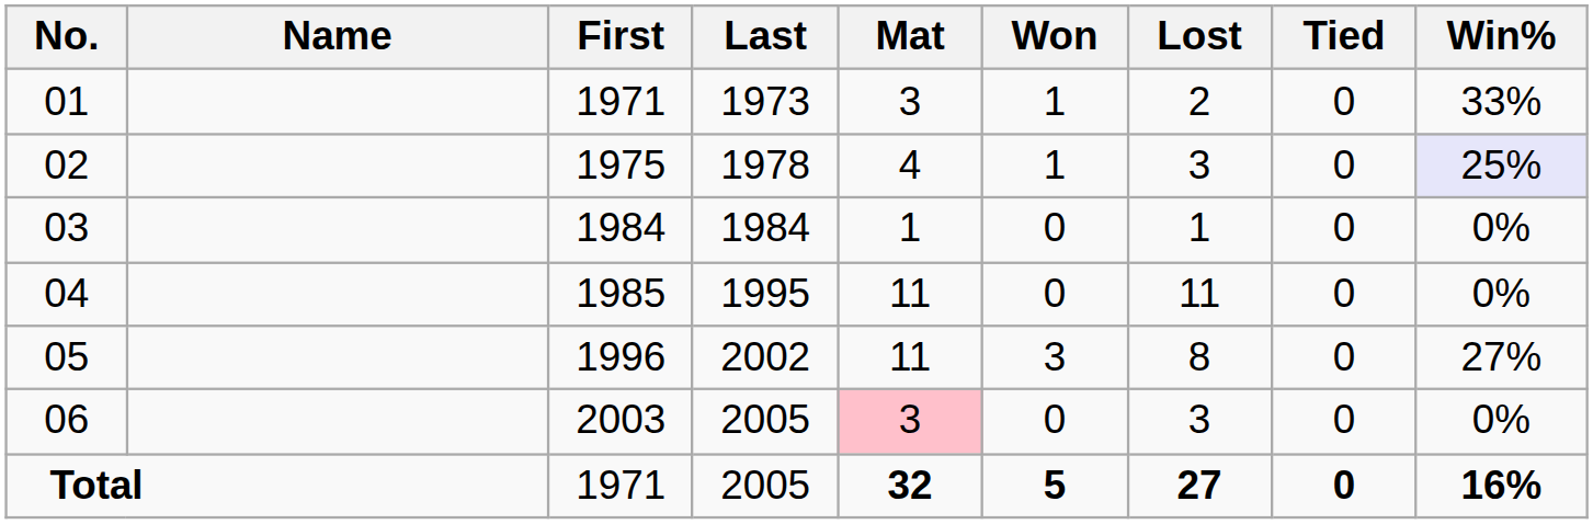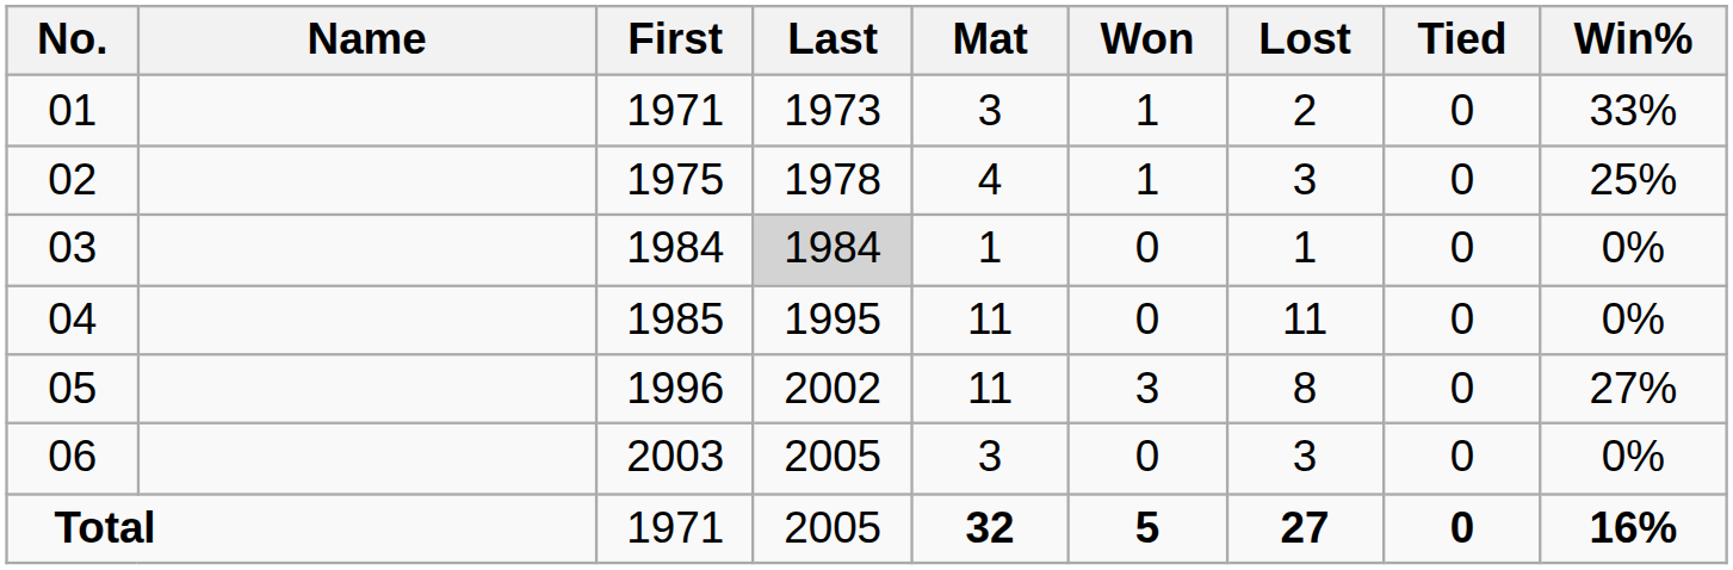 <table class="wikitable sortable" style="margin: 1em auto 1em auto">
 <tr>
 <th width="40">No.</th>
 <th width="160">Name</th>
 <th width="50">First</th>
 <th width="50">Last</th>
 <th width="50">Mat</th>
 <th width="50">Won</th>
 <th width="50">Lost</th>
 <th width="50">Tied</th>
 <th width="60">Win%</th>
 </tr>
 <tr align=center>
 <td><span>0</span>1</td>
 <td align=left></td>
 <td>1971</td>
 <td>1973</td>
 <td>3</td>
 <td>1</td>
 <td>2</td>
 <td>0</td>
 <td>33%</td>
 </tr>
 <tr align=center>
 <td><span>0</span>2</td>
 <td align=left></td>
 <td>1975</td>
 <td>1978</td>
 <td>4</td>
 <td>1</td>
 <td>3</td>
 <td>0</td>
-<td style="background: lavender;">25%</td>
+<td>25%</td>
 </tr>
 <tr align=center>
 <td><span>0</span>3</td>
 <td align=left></td>
 <td>1984</td>
-<td>1984</td>
+<td style="background: lightgrey;">1984</td>
 <td>1</td>
 <td>0</td>
 <td>1</td>
 <td>0</td>
 <td>0%</td>
 </tr>
 <tr align=center>
 <td><span>0</span>4</td>
 <td align=left></td>
 <td>1985</td>
 <td>1995</td>
 <td>11</td>
 <td>0</td>
 <td>11</td>
 <td>0</td>
 <td>0%</td>
 </tr>
 <tr align=center>
 <td><span>0</span>5</td>
 <td align=left></td>
 <td>1996</td>
 <td>2002</td>
 <td>11</td>
 <td>3</td>
 <td>8</td>
 <td>0</td>
 <td>27%</td>
 </tr>
 <tr align=center>
 <td><span>0</span>6</td>
 <td align=left></td>
 <td>2003</td>
 <td>2005</td>
-<td style="background: pink;">3</td>
+<td>3</td>
 <td>0</td>
 <td>3</td>
 <td>0</td>
 <td>0%</td>
 </tr>
 <tr class="sortbottom" align=center>
 <td colspan=2 align=left><strong>   Total</strong></td>
 <td>1971</td>
 <td>2005</td>
 <td><strong>32</strong></td>
 <td><strong>5</strong></td>
 <td><strong>27</strong></td>
 <td><strong>0</strong></td>
 <td><strong>16%</strong></td>
 </tr>
 </table>
